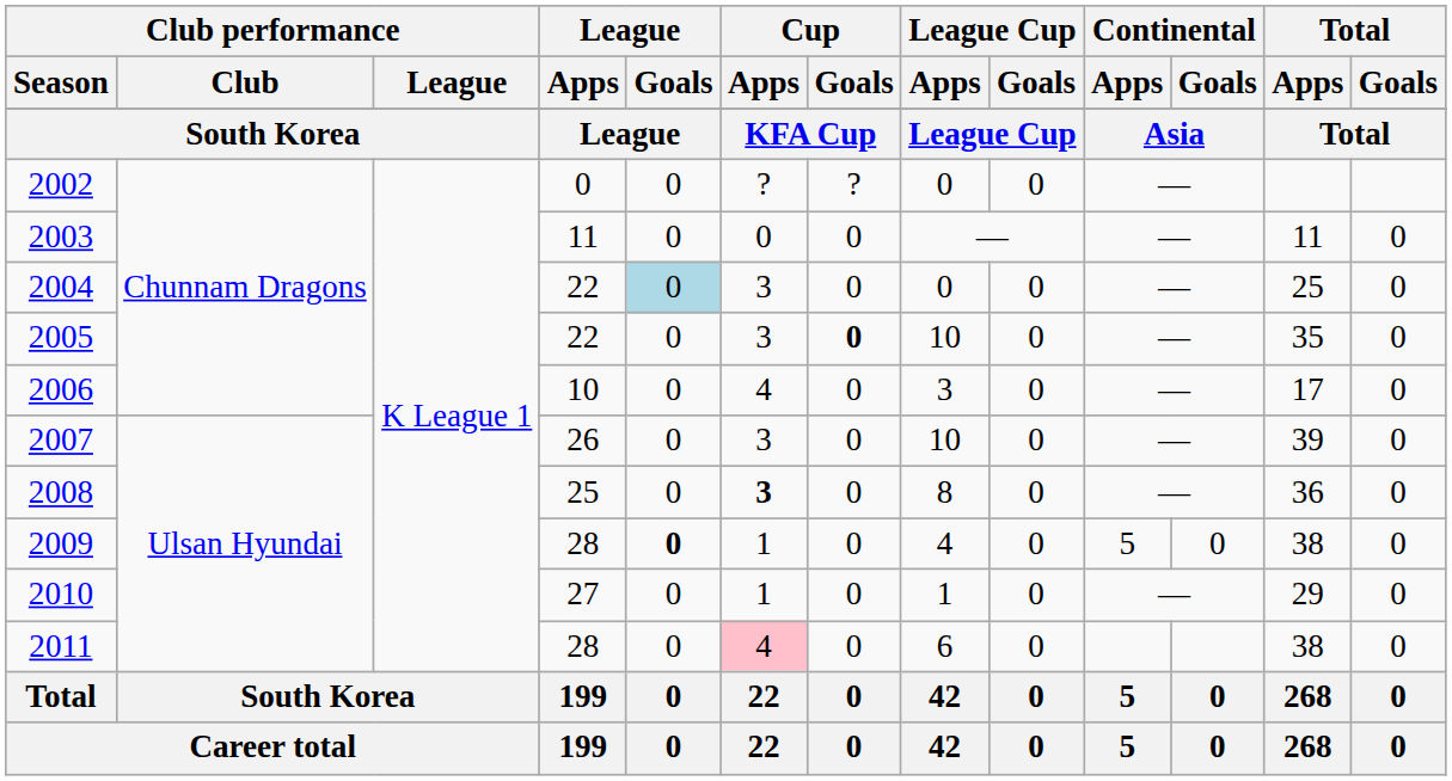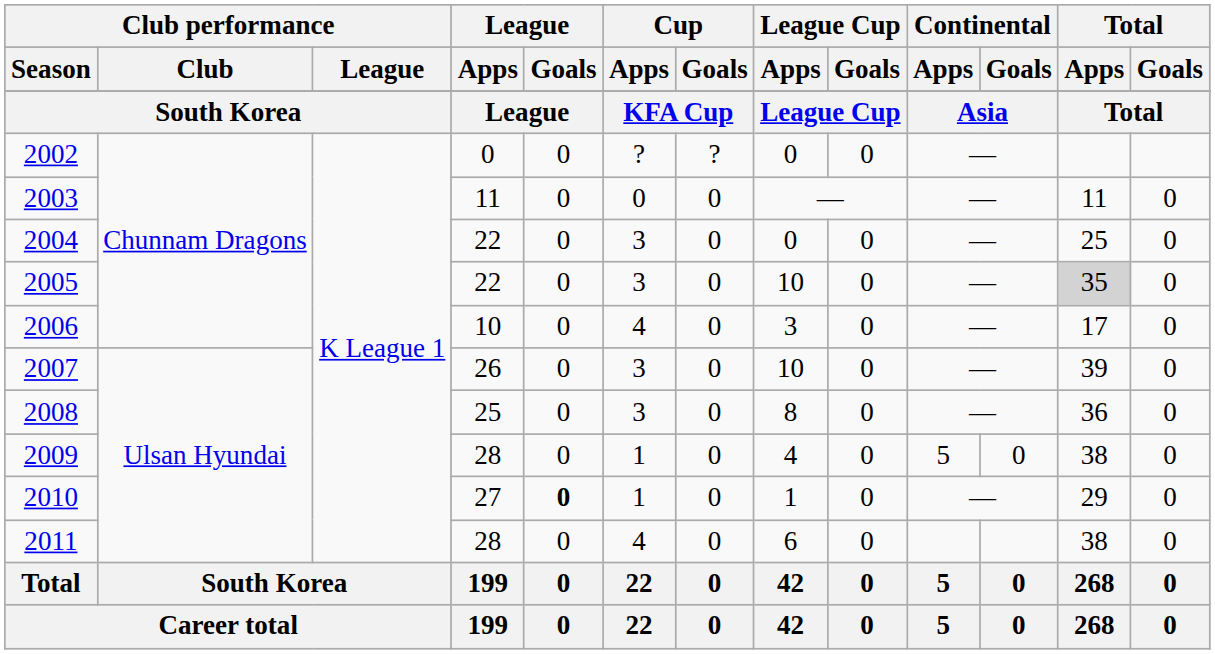 <table class="wikitable" style="text-align:center">
 <tr>
 <th colspan=3>Club performance</th>
 <th colspan=2>League</th>
 <th colspan=2>Cup</th>
 <th colspan=2>League Cup</th>
 <th colspan=2>Continental</th>
 <th colspan=2>Total</th>
 </tr>
 <tr>
 <th>Season</th>
 <th>Club</th>
 <th>League</th>
 <th>Apps</th>
 <th>Goals</th>
 <th>Apps</th>
 <th>Goals</th>
 <th>Apps</th>
 <th>Goals</th>
 <th>Apps</th>
 <th>Goals</th>
 <th>Apps</th>
 <th>Goals</th>
 </tr>
 <tr>
 </tr>
 <tr>
 <th colspan=3>South Korea</th>
 <th colspan=2>League</th>
 <th colspan=2><a href='#'>KFA Cup</a></th>
 <th colspan=2><a href='#'>League Cup</a></th>
 <th colspan=2><a href='#'>Asia</a></th>
 <th colspan=2>Total</th>
 </tr>
 <tr>
 <td><a href='#'>2002</a></td>
 <td rowspan="5"><a href='#'>Chunnam Dragons</a></td>
 <td rowspan="10"><a href='#'>K League 1</a></td>
 <td>0</td>
 <td>0</td>
 <td>?</td>
 <td>?</td>
 <td>0</td>
 <td>0</td>
 <td colspan="2">—</td>
 <td></td>
 <td></td>
 </tr>
 <tr>
 <td><a href='#'>2003</a></td>
 <td>11</td>
 <td>0</td>
 <td>0</td>
 <td>0</td>
 <td colspan="2">—</td>
 <td colspan="2">—</td>
 <td>11</td>
 <td>0</td>
 </tr>
 <tr>
 <td><a href='#'>2004</a></td>
 <td>22</td>
-<td style="background: lightblue;">0</td>
+<td>0</td>
 <td>3</td>
 <td>0</td>
 <td>0</td>
 <td>0</td>
 <td colspan="2">—</td>
 <td>25</td>
 <td>0</td>
 </tr>
 <tr>
 <td><a href='#'>2005</a></td>
 <td>22</td>
 <td>0</td>
 <td>3</td>
-<td><strong>0</strong></td>
+<td>0</td>
 <td>10</td>
 <td>0</td>
 <td colspan="2">—</td>
-<td>35</td>
+<td style="background: lightgrey;">35</td>
 <td>0</td>
 </tr>
 <tr>
 <td><a href='#'>2006</a></td>
 <td>10</td>
 <td>0</td>
 <td>4</td>
 <td>0</td>
 <td>3</td>
 <td>0</td>
 <td colspan="2">—</td>
 <td>17</td>
 <td>0</td>
 </tr>
 <tr>
 <td><a href='#'>2007</a></td>
 <td rowspan="5"><a href='#'>Ulsan Hyundai</a></td>
 <td>26</td>
 <td>0</td>
 <td>3</td>
 <td>0</td>
 <td>10</td>
 <td>0</td>
 <td colspan="2">—</td>
 <td>39</td>
 <td>0</td>
 </tr>
 <tr>
 <td><a href='#'>2008</a></td>
 <td>25</td>
 <td>0</td>
-<td><strong>3</strong></td>
+<td>3</td>
 <td>0</td>
 <td>8</td>
 <td>0</td>
 <td colspan="2">—</td>
 <td>36</td>
 <td>0</td>
 </tr>
 <tr>
 <td><a href='#'>2009</a></td>
 <td>28</td>
-<td><strong>0</strong></td>
+<td>0</td>
 <td>1</td>
 <td>0</td>
 <td>4</td>
 <td>0</td>
 <td>5</td>
 <td>0</td>
 <td>38</td>
 <td>0</td>
 </tr>
 <tr>
 <td><a href='#'>2010</a></td>
 <td>27</td>
-<td>0</td>
+<td><strong>0</strong></td>
 <td>1</td>
 <td>0</td>
 <td>1</td>
 <td>0</td>
 <td colspan="2">—</td>
 <td>29</td>
 <td>0</td>
 </tr>
 <tr>
 <td><a href='#'>2011</a></td>
 <td>28</td>
 <td>0</td>
-<td style="background: pink;">4</td>
+<td>4</td>
 <td>0</td>
 <td>6</td>
 <td>0</td>
 <td></td>
 <td></td>
 <td>38</td>
 <td>0</td>
 </tr>
 <tr>
 <th rowspan=1>Total</th>
 <th colspan=2>South Korea</th>
 <th>199</th>
 <th>0</th>
 <th>22</th>
 <th>0</th>
 <th>42</th>
 <th>0</th>
 <th>5</th>
 <th>0</th>
 <th>268</th>
 <th>0</th>
 </tr>
 <tr>
 <th colspan=3>Career total</th>
 <th>199</th>
 <th>0</th>
 <th>22</th>
 <th>0</th>
 <th>42</th>
 <th>0</th>
 <th>5</th>
 <th>0</th>
 <th>268</th>
 <th>0</th>
 </tr>
 </table>
